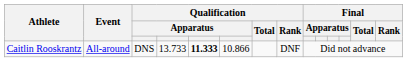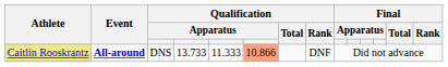 <table class="wikitable" style="font-size:90%">
 <tr>
 <th rowspan=3>Athlete</th>
 <th rowspan=3>Event</th>
 <th colspan=6>Qualification</th>
 <th colspan=6>Final</th>
 </tr>
 <tr style=font-size:95%>
 <th colspan=4>Apparatus</th>
 <th rowspan=2>Total</th>
 <th rowspan=2>Rank</th>
 <th colspan=4>Apparatus</th>
 <th rowspan=2>Total</th>
 <th rowspan=2>Rank</th>
 </tr>
 <tr style=font-size:95%>
 <th></th>
 <th></th>
 <th></th>
 <th></th>
 <th></th>
 <th></th>
 <th></th>
 <th></th>
 </tr>
 <tr align=center>
-<td align=left><a href='#'>Caitlin Rooskrantz</a></td>
-<td align=left><a href='#'>All-around</a></td>
+<td align=left style="background: khaki;"><a href='#'>Caitlin Rooskrantz</a></td>
+<td align=left><strong><a href='#'>All-around</a></strong></td>
 <td>DNS</td>
 <td>13.733</td>
-<td><strong>11.333</strong></td>
-<td>10.866</td>
+<td>11.333</td>
+<td style="background: lightsalmon;">10.866</td>
 <td></td>
 <td>DNF</td>
 <td colspan="6">Did not advance</td>
 </tr>
 </table>
